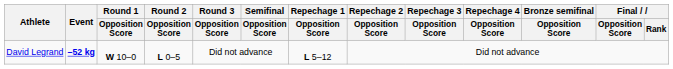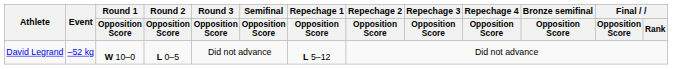 <table class=wikitable style=font-size:90%;text-align:center>
 <tr>
 <th rowspan=2>Athlete</th>
 <th rowspan=2>Event</th>
 <th>Round 1</th>
 <th>Round 2</th>
 <th>Round 3</th>
 <th>Semifinal</th>
 <th>Repechage 1</th>
 <th>Repechage 2</th>
 <th>Repechage 3</th>
 <th>Repechage 4</th>
 <th>Bronze semifinal</th>
 <th colspan=2>Final /  / </th>
 </tr>
 <tr style=font-size:95%>
 <th>Opposition<br>Score</th>
 <th>Opposition<br>Score</th>
 <th>Opposition<br>Score</th>
 <th>Opposition<br>Score</th>
 <th>Opposition<br>Score</th>
 <th>Opposition<br>Score</th>
 <th>Opposition<br>Score</th>
 <th>Opposition<br>Score</th>
 <th>Opposition<br>Score</th>
 <th>Opposition<br>Score</th>
 <th>Rank</th>
 </tr>
 <tr>
 <td align=left><a href='#'>David Legrand</a></td>
-<td align=left><strong><a href='#'>–52 kg</a></strong></td>
+<td align=left><a href='#'>–52 kg</a></td>
 <td><br><strong>W</strong> 10–0</td>
 <td><br><strong>L</strong> 0–5</td>
 <td colspan=2>Did not advance</td>
 <td><br><strong>L</strong> 5–12</td>
 <td colspan=6>Did not advance</td>
 </tr>
 </table>
